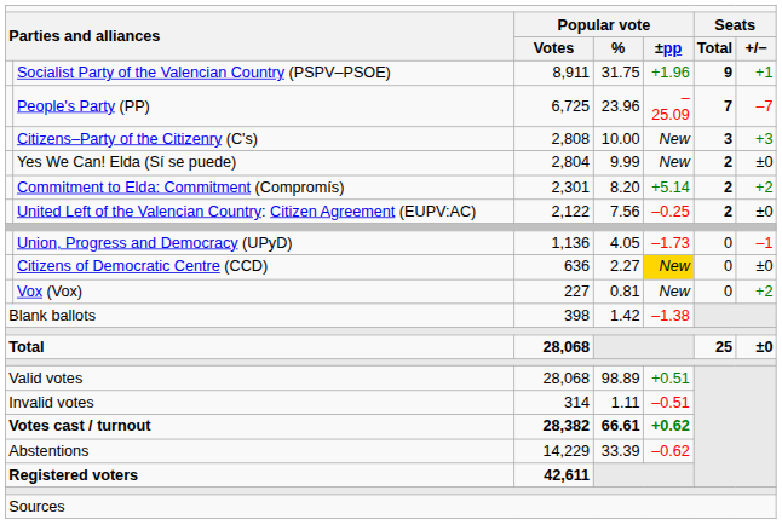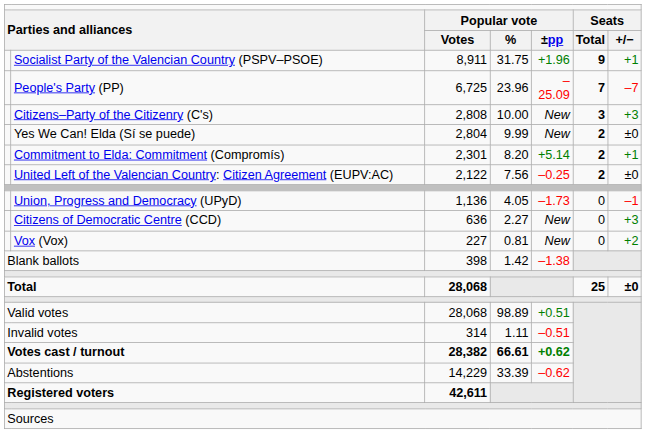 <table class="wikitable" style="text-align:right;">
 <tr>
 <td colspan="7"></td>
 </tr>
 <tr>
 <th style="text-align:left;" rowspan="2" colspan="2" width="525">Parties and alliances</th>
 <th colspan="3">Popular vote</th>
 <th colspan="2">Seats</th>
 </tr>
 <tr>
 <th width="75">Votes</th>
 <th width="45">%</th>
 <th width="45">±<a href='#'>pp</a></th>
 <th width="35">Total</th>
 <th width="35">+/−</th>
 </tr>
 <tr>
 <td width="1" style="color:inherit;background:"></td>
 <td align="left"><a href='#'>Socialist Party of the Valencian Country</a> (PSPV–PSOE)</td>
 <td>8,911</td>
 <td>31.75</td>
 <td style="color:green;">+1.96</td>
 <td><strong>9</strong></td>
 <td style="color:green;">+1</td>
 </tr>
 <tr>
 <td style="color:inherit;background:"></td>
 <td align="left"><a href='#'>People's Party</a> (PP)</td>
 <td>6,725</td>
 <td>23.96</td>
 <td style="color:red;">–25.09</td>
 <td><strong>7</strong></td>
 <td style="color:red;">–7</td>
 </tr>
 <tr>
 <td style="color:inherit;background:"></td>
 <td align="left"><a href='#'>Citizens–Party of the Citizenry</a> (C's)</td>
 <td>2,808</td>
 <td>10.00</td>
 <td><em>New</em></td>
 <td><strong>3</strong></td>
 <td style="color:green;">+3</td>
 </tr>
 <tr>
 <td style="color:inherit;background:"></td>
 <td align="left">Yes We Can! Elda (Sí se puede)</td>
 <td>2,804</td>
 <td>9.99</td>
 <td><em>New</em></td>
 <td><strong>2</strong></td>
 <td>±0</td>
 </tr>
 <tr>
 <td style="color:inherit;background:"></td>
 <td align="left"><a href='#'>Commitment to Elda: Commitment</a> (Compromís)</td>
 <td>2,301</td>
 <td>8.20</td>
 <td style="color:green;">+5.14</td>
 <td><strong>2</strong></td>
-<td style="color:green;">+2</td>
+<td style="color:green;">+1</td>
 </tr>
 <tr>
 <td style="color:inherit;background:"></td>
 <td align="left"><a href='#'>United Left of the Valencian Country</a>: <a href='#'>Citizen Agreement</a> (EUPV:AC)</td>
 <td>2,122</td>
 <td>7.56</td>
 <td style="color:red;">–0.25</td>
 <td><strong>2</strong></td>
 <td>±0</td>
 </tr>
 <tr>
 <td colspan="7" bgcolor="#C0C0C0"></td>
 </tr>
 <tr>
 <td style="color:inherit;background:"></td>
 <td align="left"><a href='#'>Union, Progress and Democracy</a> (UPyD)</td>
 <td>1,136</td>
 <td>4.05</td>
 <td style="color:red;">–1.73</td>
 <td>0</td>
 <td style="color:red;">–1</td>
 </tr>
 <tr>
 <td style="color:inherit;background:"></td>
 <td align="left"><a href='#'>Citizens of Democratic Centre</a> (CCD)</td>
 <td>636</td>
 <td>2.27</td>
-<td style="background: gold;"><em>New</em></td>
+<td><em>New</em></td>
 <td>0</td>
-<td>±0</td>
+<td style="color:green;">+3</td>
 </tr>
 <tr>
 <td style="color:inherit;background:"></td>
 <td align="left"><a href='#'>Vox</a> (Vox)</td>
 <td>227</td>
 <td>0.81</td>
 <td><em>New</em></td>
 <td>0</td>
 <td style="color:green;">+2</td>
 </tr>
 <tr>
 <td align="left" colspan="2">Blank ballots</td>
 <td>398</td>
 <td>1.42</td>
 <td style="color:red;">–1.38</td>
 <td bgcolor="#E9E9E9" colspan="2"></td>
 </tr>
 <tr>
 <td colspan="7" bgcolor="#E9E9E9"></td>
 </tr>
 <tr style="font-weight:bold;">
 <td align="left" colspan="2">Total</td>
 <td>28,068</td>
 <td bgcolor="#E9E9E9" colspan="2"></td>
 <td>25</td>
 <td>±0</td>
 </tr>
 <tr>
 <td colspan="7" bgcolor="#E9E9E9"></td>
 </tr>
 <tr>
 <td align="left" colspan="2">Valid votes</td>
 <td>28,068</td>
 <td>98.89</td>
 <td style="color:green;">+0.51</td>
 <td bgcolor="#E9E9E9" colspan="2" rowspan="5"></td>
 </tr>
 <tr>
 <td align="left" colspan="2">Invalid votes</td>
 <td>314</td>
 <td>1.11</td>
 <td style="color:red;">–0.51</td>
 </tr>
 <tr style="font-weight:bold;">
 <td align="left" colspan="2">Votes cast / turnout</td>
 <td>28,382</td>
 <td>66.61</td>
 <td style="color:green;">+0.62</td>
 </tr>
 <tr>
 <td align="left" colspan="2">Abstentions</td>
 <td>14,229</td>
 <td>33.39</td>
 <td style="color:red;">–0.62</td>
 </tr>
 <tr style="font-weight:bold;">
 <td align="left" colspan="2">Registered voters</td>
 <td>42,611</td>
 <td bgcolor="#E9E9E9" colspan="2"></td>
 </tr>
 <tr>
 <td colspan="7" bgcolor="#E9E9E9"></td>
 </tr>
 <tr>
 <td align="left" colspan="7">Sources</td>
 </tr>
 </table>
